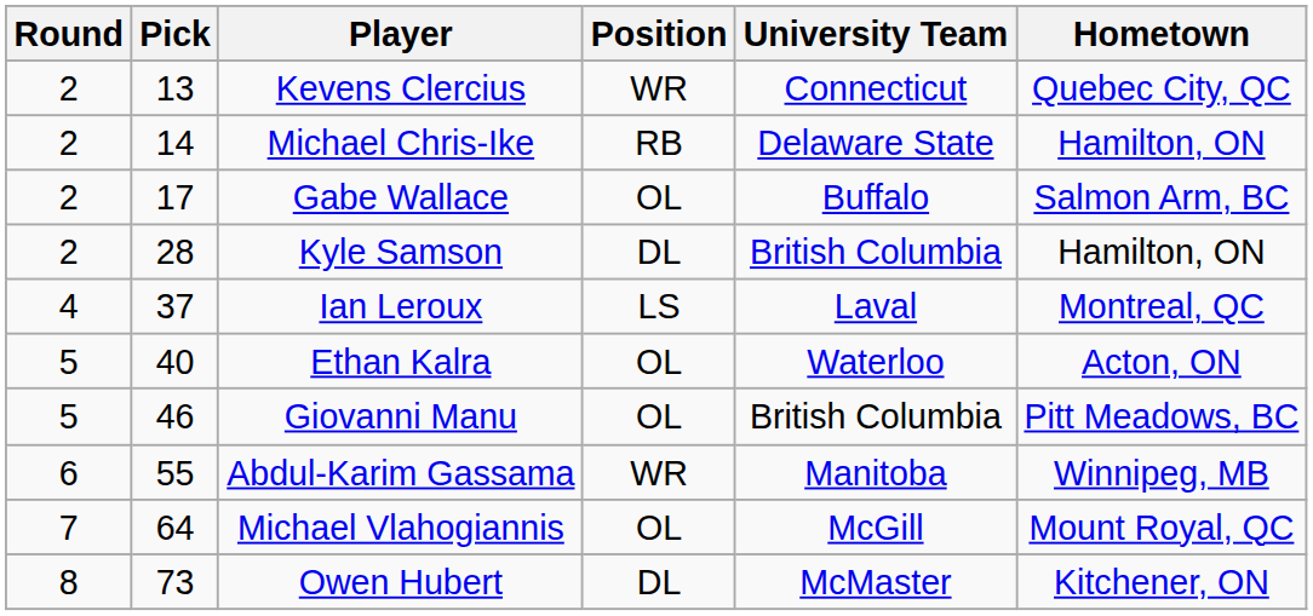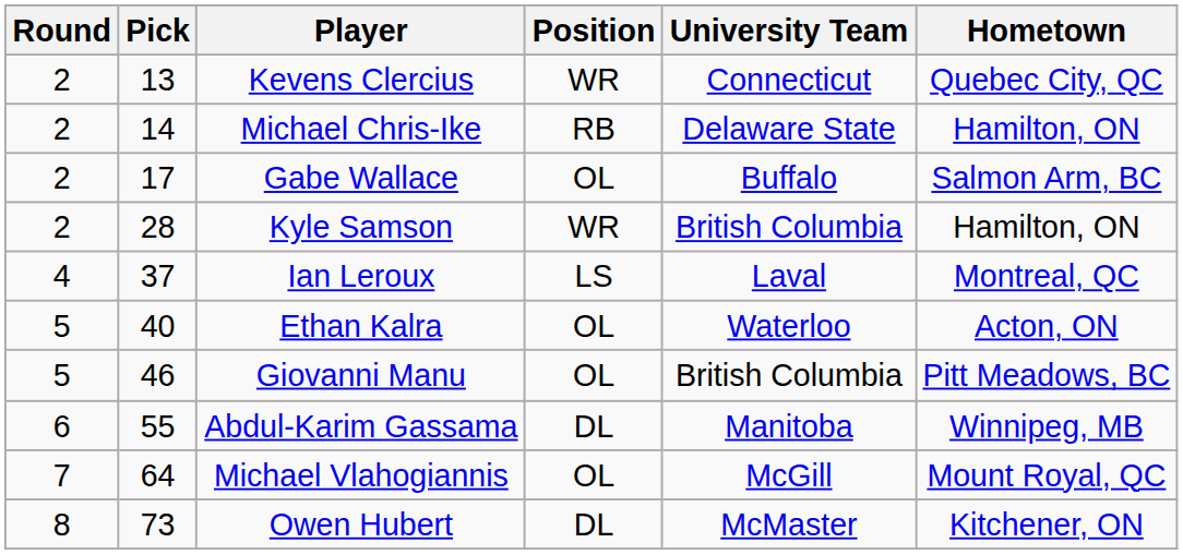 <table class="wikitable" style="font-size: 95%;">
 <tr>
 <th scope="col">Round</th>
 <th scope="col">Pick</th>
 <th scope="col">Player</th>
 <th scope="col">Position</th>
 <th scope="col">University Team</th>
 <th scope="col">Hometown</th>
 </tr>
 <tr align="center">
 <td align=center>2</td>
 <td>13</td>
 <td><a href='#'>Kevens Clercius</a></td>
 <td>WR</td>
 <td><a href='#'>Connecticut</a></td>
 <td><a href='#'>Quebec City, QC</a></td>
 </tr>
 <tr align="center">
 <td align=center>2</td>
 <td>14</td>
 <td><a href='#'>Michael Chris-Ike</a></td>
 <td>RB</td>
 <td><a href='#'>Delaware State</a></td>
 <td><a href='#'>Hamilton, ON</a></td>
 </tr>
 <tr align="center">
 <td align=center>2</td>
 <td>17</td>
 <td><a href='#'>Gabe Wallace</a></td>
 <td>OL</td>
 <td><a href='#'>Buffalo</a></td>
 <td><a href='#'>Salmon Arm, BC</a></td>
 </tr>
 <tr align="center">
 <td align=center>2</td>
 <td>28</td>
 <td><a href='#'>Kyle Samson</a></td>
-<td>DL</td>
+<td>WR</td>
 <td><a href='#'>British Columbia</a></td>
 <td>Hamilton, ON</td>
 </tr>
 <tr align="center">
 <td align=center>4</td>
 <td>37</td>
 <td><a href='#'>Ian Leroux</a></td>
 <td>LS</td>
 <td><a href='#'>Laval</a></td>
 <td><a href='#'>Montreal, QC</a></td>
 </tr>
 <tr align="center">
 <td align=center>5</td>
 <td>40</td>
 <td><a href='#'>Ethan Kalra</a></td>
 <td>OL</td>
 <td><a href='#'>Waterloo</a></td>
 <td><a href='#'>Acton, ON</a></td>
 </tr>
 <tr align="center">
 <td align=center>5</td>
 <td>46</td>
 <td><a href='#'>Giovanni Manu</a></td>
 <td>OL</td>
 <td>British Columbia</td>
 <td><a href='#'>Pitt Meadows, BC</a></td>
 </tr>
 <tr align="center">
 <td align=center>6</td>
 <td>55</td>
 <td><a href='#'>Abdul-Karim Gassama</a></td>
-<td>WR</td>
+<td>DL</td>
 <td><a href='#'>Manitoba</a></td>
 <td><a href='#'>Winnipeg, MB</a></td>
 </tr>
 <tr align="center">
 <td align=center>7</td>
 <td>64</td>
 <td><a href='#'>Michael Vlahogiannis</a></td>
 <td>OL</td>
 <td><a href='#'>McGill</a></td>
 <td><a href='#'>Mount Royal, QC</a></td>
 </tr>
 <tr align="center">
 <td align=center>8</td>
 <td>73</td>
 <td><a href='#'>Owen Hubert</a></td>
 <td>DL</td>
 <td><a href='#'>McMaster</a></td>
 <td><a href='#'>Kitchener, ON</a></td>
 </tr>
 </table>
